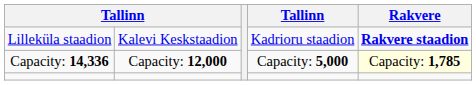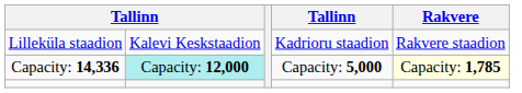 <table class="wikitable" style="text-align:center">
 <tr>
 <th colspan="2"><a href='#'>Tallinn</a></th>
 <th rowspan="5"></th>
 <th><a href='#'>Tallinn</a></th>
 <th><a href='#'>Rakvere</a></th>
 </tr>
 <tr>
 <td><a href='#'>Lilleküla staadion</a></td>
 <td><a href='#'>Kalevi Keskstaadion</a></td>
 <td><a href='#'>Kadrioru staadion</a></td>
-<td><strong><a href='#'>Rakvere staadion</a></strong></td>
+<td><a href='#'>Rakvere staadion</a></td>
 </tr>
 <tr>
 <td>Capacity: <strong>14,336</strong></td>
-<td>Capacity: <strong>12,000</strong></td>
+<td style="background: paleturquoise;">Capacity: <strong>12,000</strong></td>
 <td>Capacity: <strong>5,000</strong></td>
 <td style="background: lightyellow;">Capacity: <strong>1,785</strong></td>
 </tr>
 <tr>
 <td></td>
 <td></td>
 <td></td>
 <td></td>
 </tr>
 </table>
